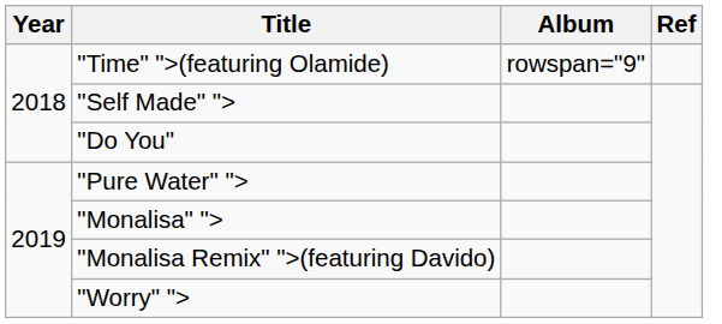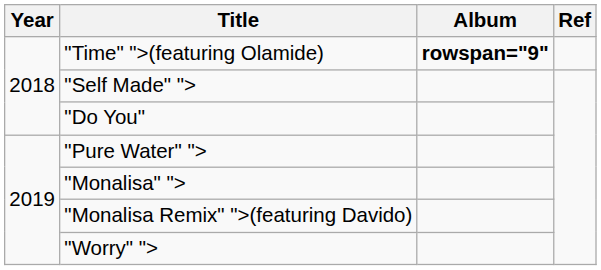 <table class="wikitable sortable">
 <tr>
 <th>Year</th>
 <th>Title</th>
 <th>Album</th>
 <th>Ref</th>
 </tr>
 <tr>
 <td rowspan="3">2018</td>
 <td>"Time" <span>">(featuring Olamide)</span></td>
-<td>rowspan="9"</td>
+<td><strong>rowspan="9"</strong></td>
 <td></td>
 </tr>
 <tr>
 <td>"Self Made" <span>"></span></td>
 <td></td>
 </tr>
 <tr>
 <td>"Do You"</td>
 <td></td>
 </tr>
 <tr>
 <td rowspan="4">2019</td>
 <td>"Pure Water" <span>"></span></td>
 <td></td>
 </tr>
 <tr>
 <td>"Monalisa" <span>"></span></td>
 <td></td>
 </tr>
 <tr>
 <td>"Monalisa Remix" <span>">(featuring Davido)</span></td>
 <td></td>
 </tr>
 <tr>
 <td>"Worry" <span>"></span></td>
 <td></td>
 </tr>
 </table>
